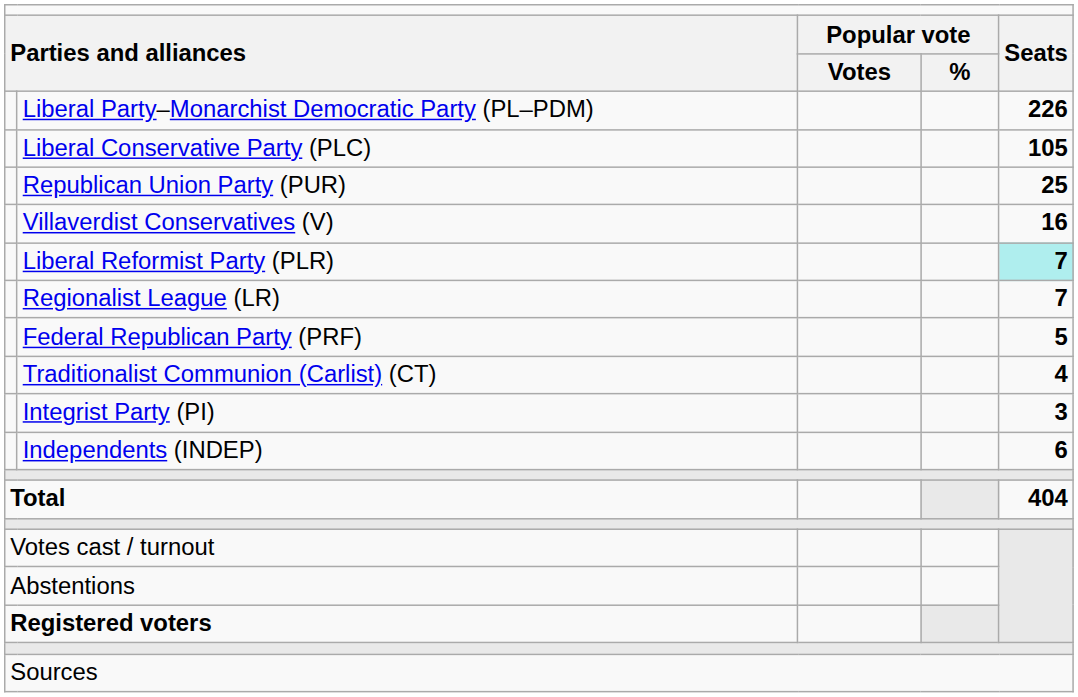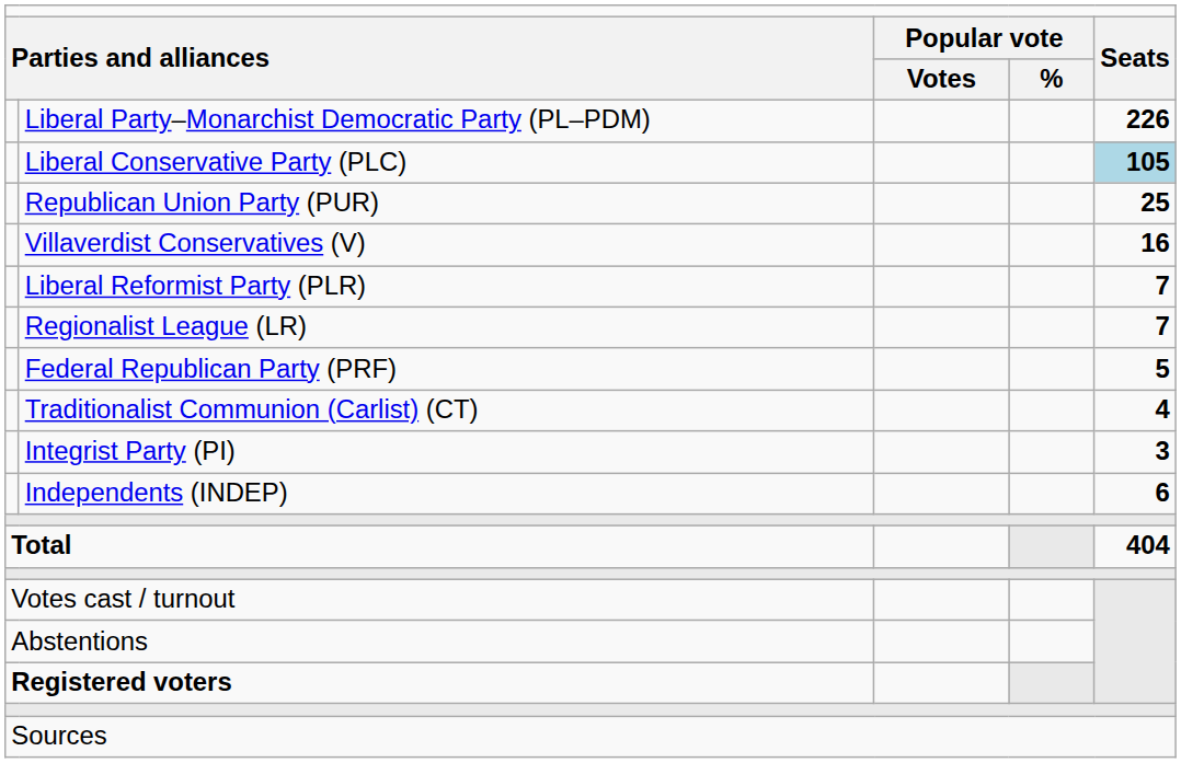 <table class="wikitable" style="text-align:right;">
 <tr>
 <td colspan="5"></td>
 </tr>
 <tr>
 <th style="text-align:left;" rowspan="2" colspan="2" width="525">Parties and alliances</th>
 <th colspan="2">Popular vote</th>
 <th rowspan="2" width="35">Seats</th>
 </tr>
 <tr>
 <th width="75">Votes</th>
 <th width="45">%</th>
 </tr>
 <tr>
 <td width="1" style="color:inherit;background:"></td>
 <td align="left"><a href='#'>Liberal Party</a>–<a href='#'>Monarchist Democratic Party</a> (PL–PDM)</td>
 <td></td>
 <td></td>
 <td><strong>226</strong></td>
 </tr>
 <tr>
 <td style="color:inherit;background:"></td>
 <td align="left"><a href='#'>Liberal Conservative Party</a> (PLC)</td>
 <td></td>
 <td></td>
-<td><strong>105</strong></td>
+<td style="background: lightblue;"><strong>105</strong></td>
 </tr>
 <tr>
 <td style="color:inherit;background:"></td>
 <td align="left"><a href='#'>Republican Union Party</a> (PUR)</td>
 <td></td>
 <td></td>
 <td><strong>25</strong></td>
 </tr>
 <tr>
 <td style="color:inherit;background:"></td>
 <td align="left"><a href='#'>Villaverdist Conservatives</a> (V)</td>
 <td></td>
 <td></td>
 <td><strong>16</strong></td>
 </tr>
 <tr>
 <td style="color:inherit;background:"></td>
 <td align="left"><a href='#'>Liberal Reformist Party</a> (PLR)</td>
 <td></td>
 <td></td>
-<td style="background: paleturquoise;"><strong>7</strong></td>
+<td><strong>7</strong></td>
 </tr>
 <tr>
 <td style="color:inherit;background:"></td>
 <td align="left"><a href='#'>Regionalist League</a> (LR)</td>
 <td></td>
 <td></td>
 <td><strong>7</strong></td>
 </tr>
 <tr>
 <td style="color:inherit;background:"></td>
 <td align="left"><a href='#'>Federal Republican Party</a> (PRF)</td>
 <td></td>
 <td></td>
 <td><strong>5</strong></td>
 </tr>
 <tr>
 <td style="color:inherit;background:"></td>
 <td align="left"><a href='#'>Traditionalist Communion (Carlist)</a> (CT)</td>
 <td></td>
 <td></td>
 <td><strong>4</strong></td>
 </tr>
 <tr>
 <td style="color:inherit;background:"></td>
 <td align="left"><a href='#'>Integrist Party</a> (PI)</td>
 <td></td>
 <td></td>
 <td><strong>3</strong></td>
 </tr>
 <tr>
 <td style="color:inherit;background:"></td>
 <td align="left"><a href='#'>Independents</a> (INDEP)</td>
 <td></td>
 <td></td>
 <td><strong>6</strong></td>
 </tr>
 <tr>
 <td colspan="5" bgcolor="#E9E9E9"></td>
 </tr>
 <tr style="font-weight:bold;">
 <td align="left" colspan="2">Total</td>
 <td></td>
 <td bgcolor="#E9E9E9"></td>
 <td>404</td>
 </tr>
 <tr>
 <td colspan="5" bgcolor="#E9E9E9"></td>
 </tr>
 <tr>
 <td align="left" colspan="2">Votes cast / turnout</td>
 <td></td>
 <td></td>
 <td bgcolor="#E9E9E9" rowspan="3"></td>
 </tr>
 <tr>
 <td align="left" colspan="2">Abstentions</td>
 <td></td>
 <td></td>
 </tr>
 <tr style="font-weight:bold;">
 <td align="left" colspan="2">Registered voters</td>
 <td></td>
 <td bgcolor="#E9E9E9"></td>
 </tr>
 <tr>
 <td colspan="5" bgcolor="#E9E9E9"></td>
 </tr>
 <tr>
 <td align="left" colspan="5">Sources</td>
 </tr>
 </table>
